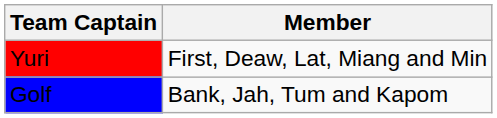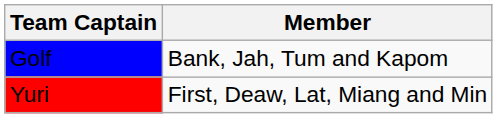 <table class="wikitable">
 <tr>
 <th>Team Captain</th>
 <th>Member</th>
 </tr>
 <tr>
+<td style="background:#0000FF"><span>Golf</span></td>
+<td>Bank, Jah, Tum and Kapom</td>
+</tr>
+<tr>
 <td style="background:red"><span>Yuri</span></td>
 <td>First, Deaw, Lat, Miang and Min</td>
 </tr>
-<tr>
-<td style="background:#0000FF"><span>Golf</span></td>
-<td>Bank, Jah, Tum and Kapom</td>
-</tr>
 </table>
